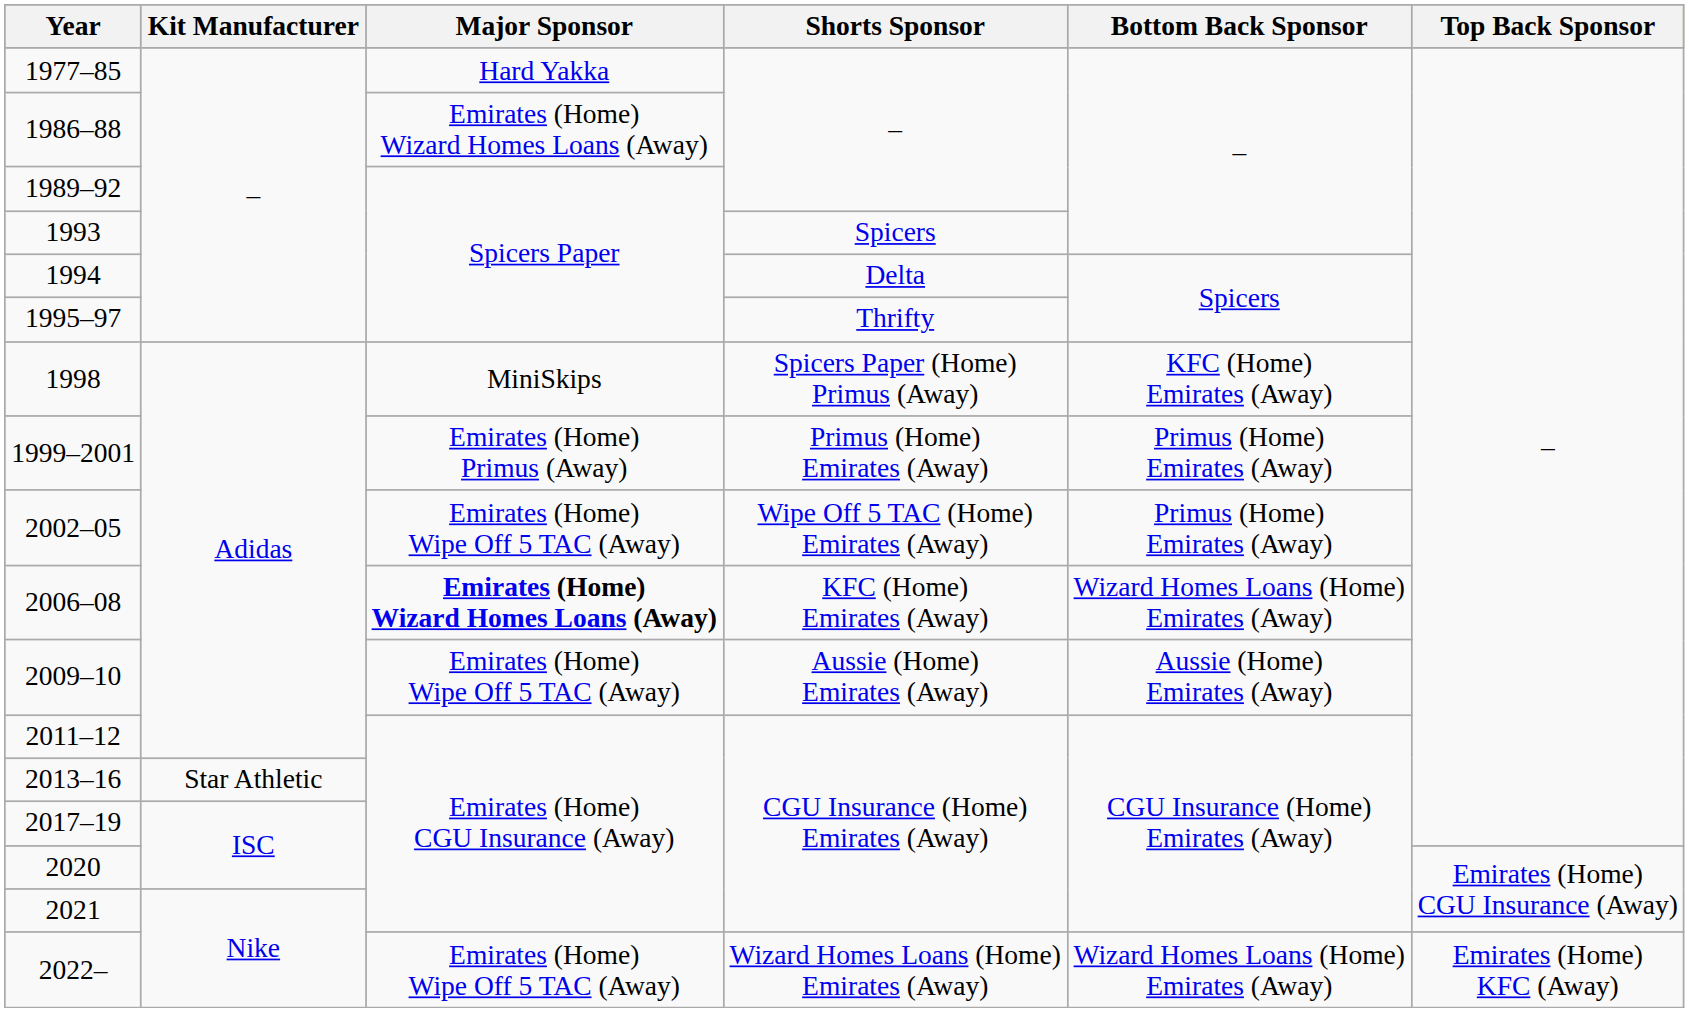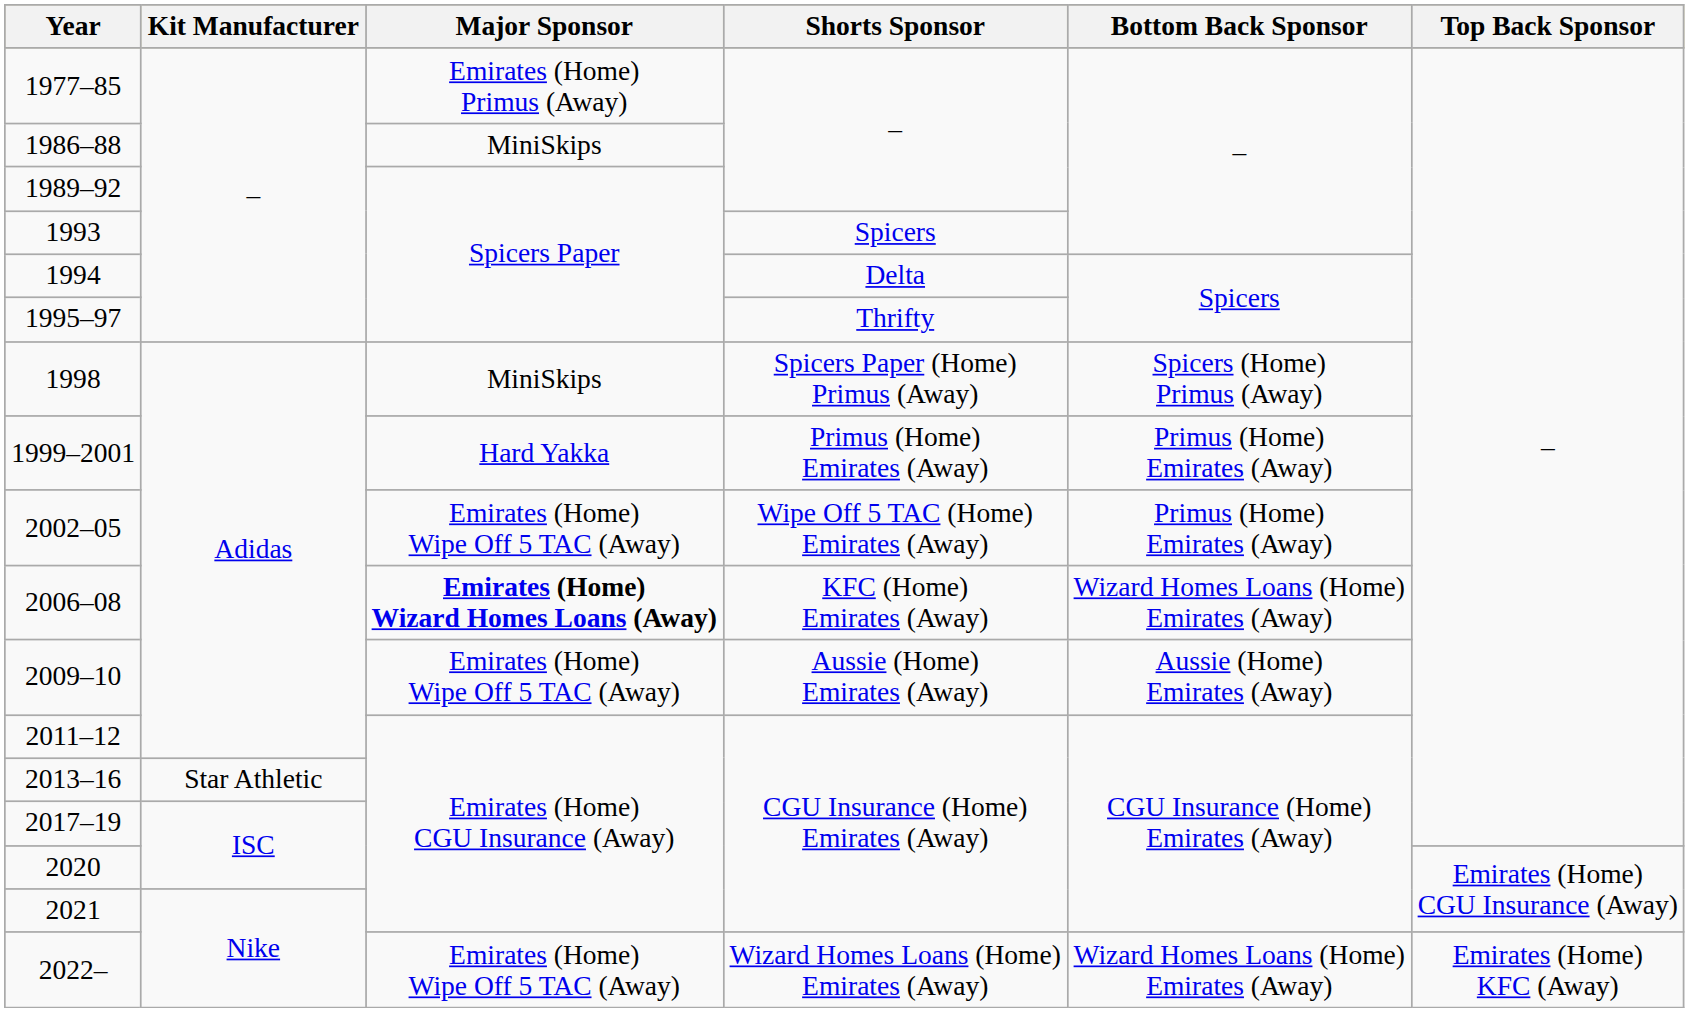 <table class="wikitable sortable" style="text-align:center">
 <tr style="background:#bdb76b;">
 <th>Year</th>
 <th>Kit Manufacturer</th>
 <th>Major Sponsor</th>
 <th>Shorts Sponsor</th>
 <th>Bottom Back Sponsor</th>
 <th>Top Back Sponsor</th>
 </tr>
 <tr>
 <td>1977–85</td>
 <td rowspan="6">–</td>
-<td><a href='#'>Hard Yakka</a></td>
+<td><a href='#'>Emirates</a> (Home)<br><a href='#'>Primus</a> (Away)</td>
 <td rowspan="3">–</td>
 <td rowspan="4">–</td>
 <td rowspan="14">–</td>
 </tr>
 <tr>
 <td>1986–88</td>
-<td><a href='#'>Emirates</a> (Home)<br><a href='#'>Wizard Homes Loans</a> (Away)</td>
+<td>MiniSkips</td>
 </tr>
 <tr>
 <td>1989–92</td>
 <td rowspan=4><a href='#'>Spicers Paper</a></td>
 </tr>
 <tr>
 <td>1993</td>
 <td><a href='#'>Spicers</a></td>
 </tr>
 <tr>
 <td>1994</td>
 <td><a href='#'>Delta</a></td>
 <td rowspan=2><a href='#'>Spicers</a></td>
 </tr>
 <tr>
 <td>1995–97</td>
 <td><a href='#'>Thrifty</a></td>
 </tr>
 <tr>
 <td>1998</td>
 <td rowspan=6><a href='#'>Adidas</a></td>
 <td>MiniSkips</td>
 <td><a href='#'>Spicers Paper</a> (Home)<br><a href='#'>Primus</a> (Away)</td>
-<td><a href='#'>KFC</a> (Home)<br><a href='#'>Emirates</a> (Away)</td>
+<td><a href='#'>Spicers</a> (Home)<br><a href='#'>Primus</a> (Away)</td>
 </tr>
 <tr>
 <td>1999–2001</td>
-<td><a href='#'>Emirates</a> (Home)<br><a href='#'>Primus</a> (Away)</td>
+<td><a href='#'>Hard Yakka</a></td>
 <td><a href='#'>Primus</a> (Home)<br><a href='#'>Emirates</a> (Away)</td>
 <td><a href='#'>Primus</a> (Home)<br><a href='#'>Emirates</a> (Away)</td>
 </tr>
 <tr>
 <td>2002–05</td>
 <td><a href='#'>Emirates</a> (Home)<br><a href='#'>Wipe Off 5 TAC</a> (Away)</td>
 <td><a href='#'>Wipe Off 5 TAC</a> (Home)<br><a href='#'>Emirates</a> (Away)</td>
 <td><a href='#'>Primus</a> (Home)<br><a href='#'>Emirates</a> (Away)</td>
 </tr>
 <tr>
 <td>2006–08</td>
 <td><strong><a href='#'>Emirates</a> (Home)<br><a href='#'>Wizard Homes Loans</a> (Away)</strong></td>
 <td><a href='#'>KFC</a> (Home)<br><a href='#'>Emirates</a> (Away)</td>
 <td><a href='#'>Wizard Homes Loans</a> (Home)<br><a href='#'>Emirates</a> (Away)</td>
 </tr>
 <tr>
 <td>2009–10</td>
 <td><a href='#'>Emirates</a> (Home)<br><a href='#'>Wipe Off 5 TAC</a> (Away)</td>
 <td><a href='#'>Aussie</a> (Home)<br><a href='#'>Emirates</a> (Away)</td>
 <td><a href='#'>Aussie</a> (Home)<br><a href='#'>Emirates</a> (Away)</td>
 </tr>
 <tr>
 <td>2011–12</td>
 <td rowspan=5><a href='#'>Emirates</a> (Home)<br><a href='#'>CGU Insurance</a> (Away)</td>
 <td rowspan="5"><a href='#'>CGU Insurance</a> (Home)<br><a href='#'>Emirates</a> (Away)</td>
 <td rowspan="5"><a href='#'>CGU Insurance</a> (Home)<br><a href='#'>Emirates</a> (Away)</td>
 </tr>
 <tr>
 <td>2013–16</td>
 <td>Star Athletic</td>
 </tr>
 <tr>
 <td>2017–19</td>
 <td rowspan="2"><a href='#'>ISC</a></td>
 </tr>
 <tr>
 <td>2020</td>
 <td rowspan="2"><a href='#'>Emirates</a> (Home)<br><a href='#'>CGU Insurance</a> (Away)</td>
 </tr>
 <tr>
 <td>2021</td>
 <td rowspan="2"><a href='#'>Nike</a></td>
 </tr>
 <tr>
 <td>2022–</td>
 <td><a href='#'>Emirates</a> (Home)<br><a href='#'>Wipe Off 5 TAC</a> (Away)</td>
 <td><a href='#'>Wizard Homes Loans</a> (Home)<br><a href='#'>Emirates</a> (Away)</td>
 <td><a href='#'>Wizard Homes Loans</a> (Home)<br><a href='#'>Emirates</a> (Away)</td>
 <td><a href='#'>Emirates</a> (Home)<br><a href='#'>KFC</a> (Away)</td>
 </tr>
 </table>
